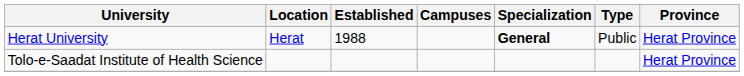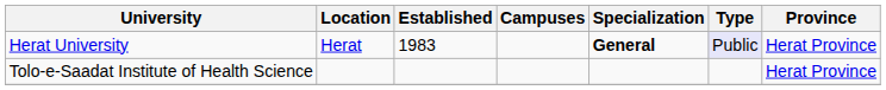 <table class="wikitable sortable">
 <tr>
 <th>University</th>
 <th>Location</th>
 <th>Established</th>
 <th>Campuses</th>
 <th>Specialization</th>
 <th>Type</th>
 <th>Province</th>
 </tr>
 <tr>
 <td><a href='#'>Herat University</a></td>
 <td><a href='#'>Herat</a></td>
-<td>1988</td>
+<td>1983</td>
 <td></td>
 <td><strong>General</strong></td>
-<td>Public</td>
+<td style="background: lavender;">Public</td>
 <td><a href='#'>Herat Province</a></td>
 </tr>
 <tr>
 <td>Tolo-e-Saadat Institute of Health Science</td>
 <td></td>
 <td></td>
 <td></td>
 <td></td>
 <td></td>
 <td><a href='#'>Herat Province</a></td>
 </tr>
 <tr>
 </tr>
 </table>
